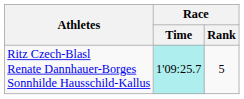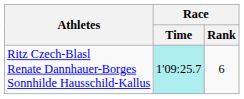 <table class="wikitable" border="1" style="font-size:90%">
 <tr>
 <th rowspan=2>Athletes</th>
 <th colspan=2>Race</th>
 </tr>
 <tr>
 <th>Time</th>
 <th>Rank</th>
 </tr>
 <tr>
 <td><a href='#'>Ritz Czech-Blasl</a><br><a href='#'>Renate Dannhauer-Borges</a><br><a href='#'>Sonnhilde Hausschild-Kallus</a></td>
 <td align=center style="background: paleturquoise;">1'09:25.7</td>
-<td align=center>5</td>
+<td align=center>6</td>
 </tr>
 </table>
